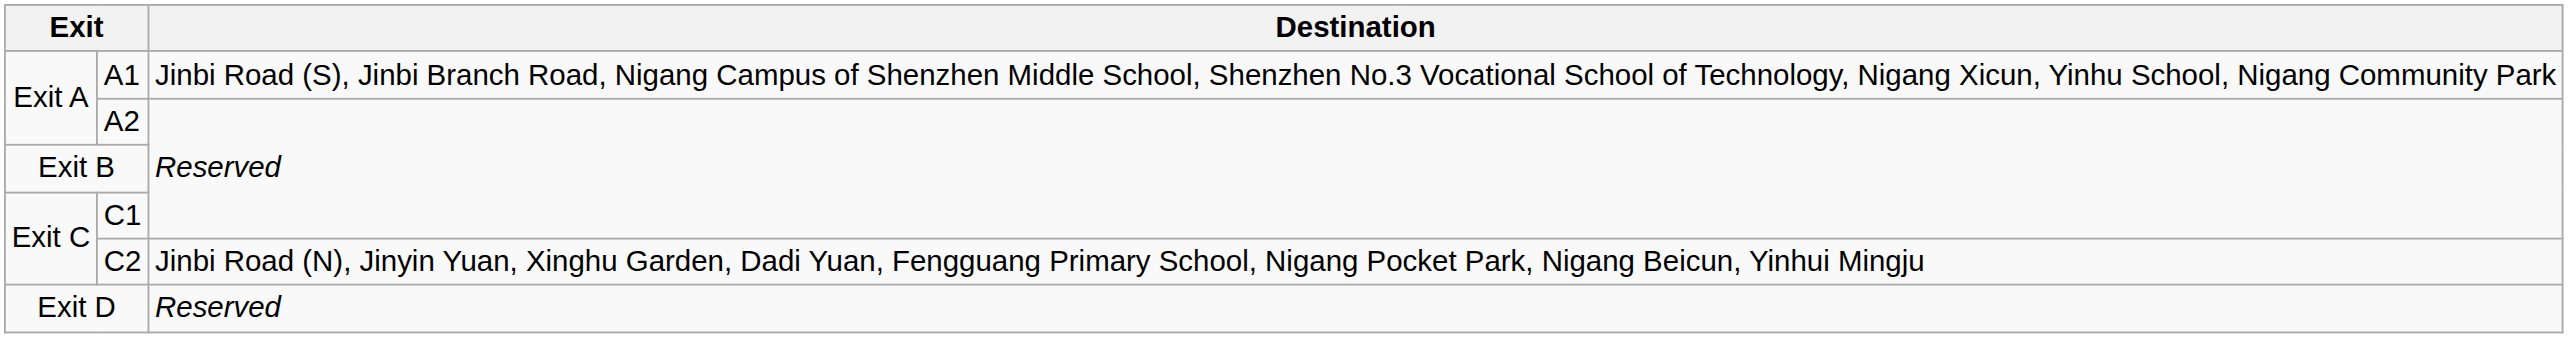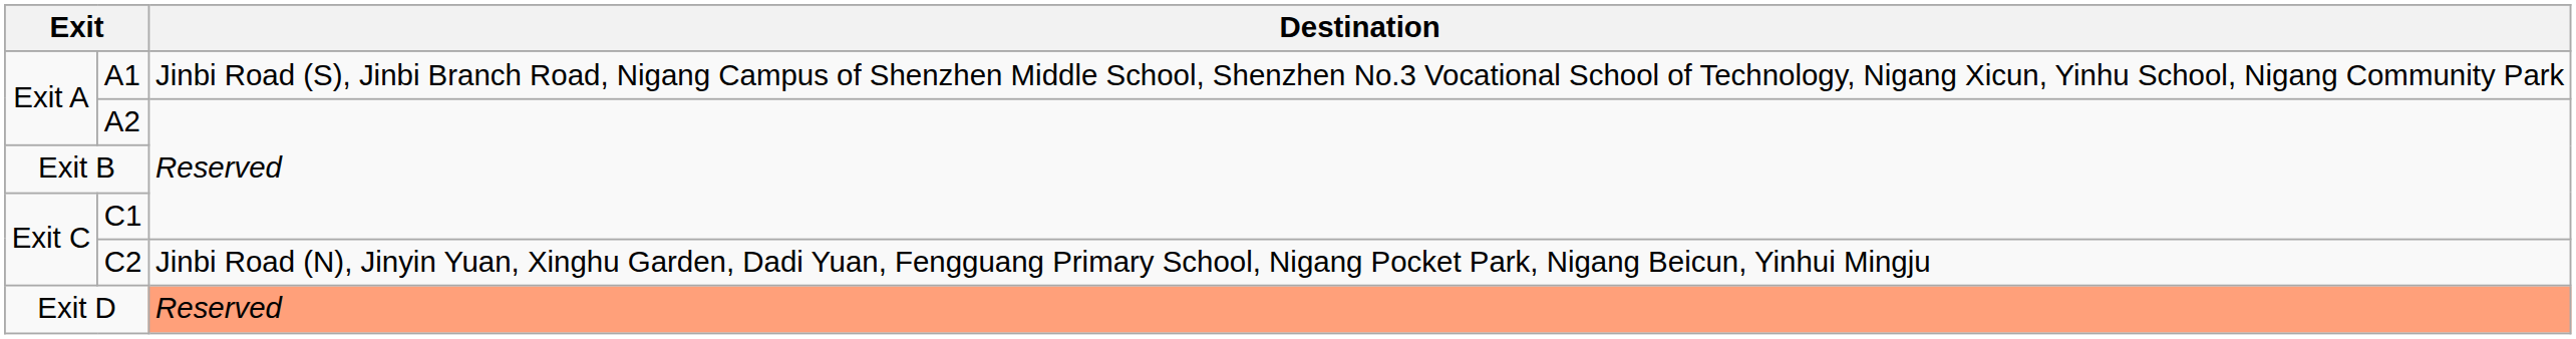 <table class="wikitable">
 <tr>
 <th colspan="2" style="width:70px">Exit</th>
 <th>Destination</th>
 </tr>
 <tr>
 <td rowspan="2" align="center">Exit A</td>
 <td>A1</td>
 <td>Jinbi Road (S), Jinbi Branch Road, Nigang Campus of Shenzhen Middle School, Shenzhen No.3 Vocational School of Technology, Nigang Xicun, Yinhu School, Nigang Community Park</td>
 </tr>
 <tr>
 <td>A2</td>
 <td rowspan="3"><em>Reserved</em></td>
 </tr>
 <tr>
 <td colspan="2" align="center">Exit B</td>
 </tr>
 <tr>
 <td rowspan="2" align="center">Exit C</td>
 <td>C1</td>
 </tr>
 <tr>
 <td>C2</td>
 <td>Jinbi Road (N), Jinyin Yuan, Xinghu Garden, Dadi Yuan, Fengguang Primary School, Nigang Pocket Park, Nigang Beicun, Yinhui Mingju</td>
 </tr>
 <tr>
 <td colspan="2" align="center">Exit D</td>
-<td><em>Reserved</em></td>
+<td style="background: lightsalmon;"><em>Reserved</em></td>
 </tr>
 </table>
